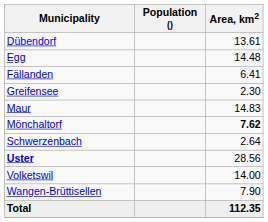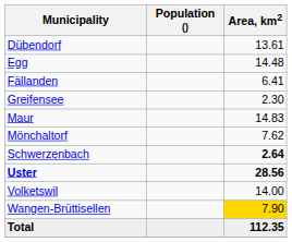 <table class="wikitable">
 <tr>
 <th width="190">Municipality</th>
 <th width="100">Population<br><small>()</small></th>
 <th width="80">Area, km<sup>2</sup></th>
 </tr>
 <tr>
 <td><a href='#'>Dübendorf</a></td>
 <td align="center"></td>
 <td align="right">13.61</td>
 </tr>
 <tr>
 <td><a href='#'>Egg</a></td>
 <td align="center"></td>
 <td align="right">14.48</td>
 </tr>
 <tr>
 <td><a href='#'>Fällanden</a></td>
 <td align="center"></td>
 <td align="right">6.41</td>
 </tr>
 <tr>
 <td><a href='#'>Greifensee</a></td>
 <td align="center"></td>
 <td align="right">2.30</td>
 </tr>
 <tr>
 <td><a href='#'>Maur</a></td>
 <td align="center"></td>
 <td align="right">14.83</td>
 </tr>
 <tr>
 <td><a href='#'>Mönchaltorf</a></td>
 <td align="center"></td>
-<td align="right"><strong>7.62</strong></td>
+<td align="right">7.62</td>
 </tr>
 <tr>
 <td><a href='#'>Schwerzenbach</a></td>
 <td align="center"></td>
-<td align="right">2.64</td>
+<td align="right"><strong>2.64</strong></td>
 </tr>
 <tr>
 <td><strong><a href='#'>Uster</a></strong></td>
 <td align="center"></td>
-<td align="right">28.56</td>
+<td align="right"><strong>28.56</strong></td>
 </tr>
 <tr>
 <td><a href='#'>Volketswil</a></td>
 <td align="center"></td>
 <td align="right">14.00</td>
 </tr>
 <tr>
 <td><a href='#'>Wangen-Brüttisellen</a></td>
 <td align="center"></td>
-<td align="right">7.90</td>
+<td align="right" style="background: gold;">7.90</td>
 </tr>
 <tr style="background-color:#EFEFEF;">
 <td><strong>Total</strong></td>
 <td align="center"><strong></strong></td>
 <td align="right"><strong>112.35</strong></td>
 </tr>
 <tr>
 </tr>
 </table>
